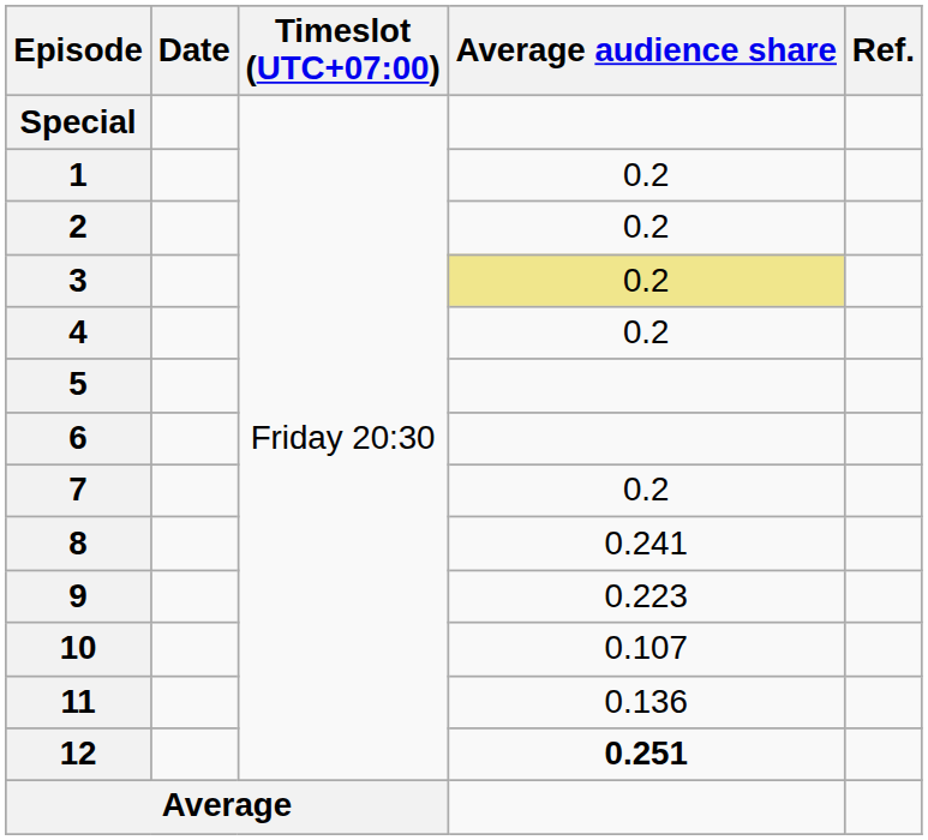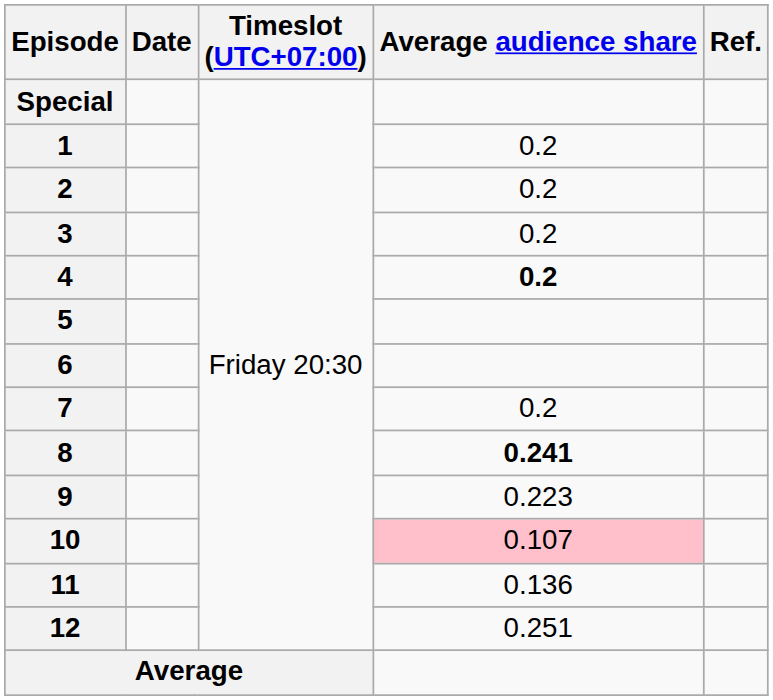 <table class="wikitable" style="text-align: center;">
 <tr>
 <th>Episode</th>
 <th>Date</th>
 <th>Timeslot<br>(<a href='#'>UTC+07:00</a>)</th>
 <th>Average <a href='#'>audience share</a></th>
 <th>Ref.</th>
 </tr>
 <tr>
 <th>Special</th>
 <td></td>
 <td rowspan="13">Friday 20:30</td>
 <td><strong></strong></td>
 <td></td>
 </tr>
 <tr>
 <th>1</th>
 <td></td>
 <td>0.2</td>
 <td></td>
 </tr>
 <tr>
 <th>2</th>
 <td></td>
 <td>0.2</td>
 <td></td>
 </tr>
 <tr>
 <th>3</th>
 <td></td>
-<td style="background: khaki;">0.2</td>
+<td>0.2</td>
 <td></td>
 </tr>
 <tr>
 <th>4</th>
 <td></td>
-<td>0.2</td>
+<td><strong>0.2</strong></td>
 <td></td>
 </tr>
 <tr>
 <th>5</th>
 <td></td>
 <td><strong></strong></td>
 <td></td>
 </tr>
 <tr>
 <th>6</th>
 <td></td>
 <td><strong></strong></td>
 <td></td>
 </tr>
 <tr>
 <th>7</th>
 <td></td>
 <td>0.2</td>
 <td></td>
 </tr>
 <tr>
 <th>8</th>
 <td></td>
-<td>0.241</td>
+<td><strong>0.241</strong></td>
 <td></td>
 </tr>
 <tr>
 <th>9</th>
 <td></td>
 <td>0.223</td>
 <td></td>
 </tr>
 <tr>
 <th>10</th>
 <td></td>
-<td>0.107</td>
+<td style="background: pink;">0.107</td>
 <td></td>
 </tr>
 <tr>
 <th>11</th>
 <td></td>
 <td>0.136</td>
 <td></td>
 </tr>
 <tr>
 <th>12</th>
 <td></td>
-<td><strong>0.251</strong></td>
+<td>0.251</td>
 <td></td>
 </tr>
 <tr>
 <th colspan="3">Average</th>
 <td></td>
 <td></td>
 </tr>
 </table>
